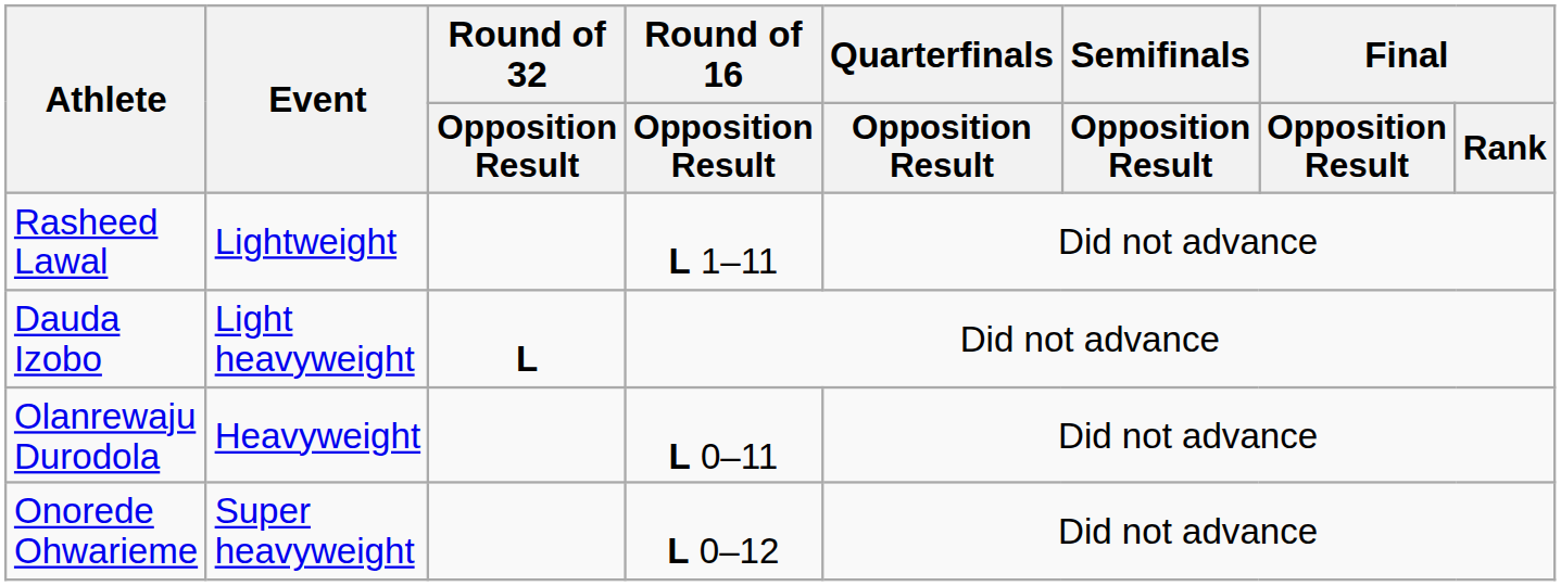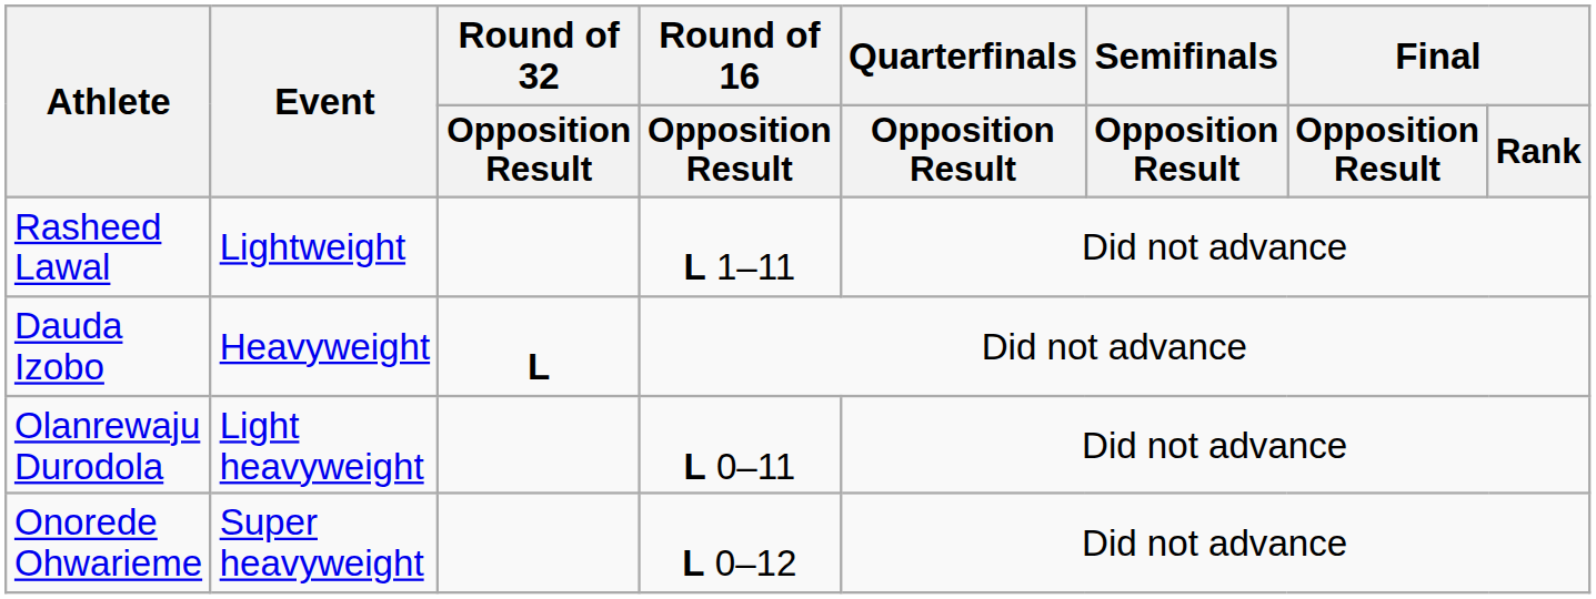 <table class="wikitable" style="font-size:90%">
 <tr>
 <th rowspan="2">Athlete</th>
 <th rowspan="2">Event</th>
 <th>Round of 32</th>
 <th>Round of 16</th>
 <th>Quarterfinals</th>
 <th>Semifinals</th>
 <th colspan=2>Final</th>
 </tr>
 <tr style="font-size:95%">
 <th>Opposition<br>Result</th>
 <th>Opposition<br>Result</th>
 <th>Opposition<br>Result</th>
 <th>Opposition<br>Result</th>
 <th>Opposition<br>Result</th>
 <th>Rank</th>
 </tr>
 <tr align=center>
 <td align=left><a href='#'>Rasheed Lawal</a></td>
 <td align=left><a href='#'>Lightweight</a></td>
 <td></td>
 <td><br><strong>L</strong> 1–11</td>
 <td colspan=4>Did not advance</td>
 </tr>
 <tr align=center>
 <td align=left><a href='#'>Dauda Izobo</a></td>
-<td align=left><a href='#'>Light heavyweight</a></td>
+<td align=left><a href='#'>Heavyweight</a></td>
 <td><br><strong>L</strong> </td>
 <td colspan=5>Did not advance</td>
 </tr>
 <tr align=center>
 <td align=left><a href='#'>Olanrewaju Durodola</a></td>
-<td align=left><a href='#'>Heavyweight</a></td>
+<td align=left><a href='#'>Light heavyweight</a></td>
 <td></td>
 <td><br><strong>L</strong> 0–11</td>
 <td colspan=4>Did not advance</td>
 </tr>
 <tr align=center>
 <td align=left><a href='#'>Onorede Ohwarieme</a></td>
 <td align=left><a href='#'>Super heavyweight</a></td>
 <td></td>
 <td><br><strong>L</strong> 0–12</td>
 <td colspan=4>Did not advance</td>
 </tr>
 </table>
